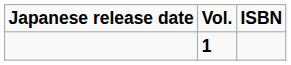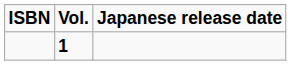 <table class="wikitable">
 <tr>
+<td><strong>ISBN</strong></td>
+<td><strong>Vol.</strong></td>
 <td><strong>Japanese release date</strong></td>
-<td><strong>Vol.</strong></td>
-<td><strong>ISBN</strong></td>
 </tr>
 <tr>
 <td></td>
 <td><strong>1</strong></td>
 <td></td>
 </tr>
 </table>
